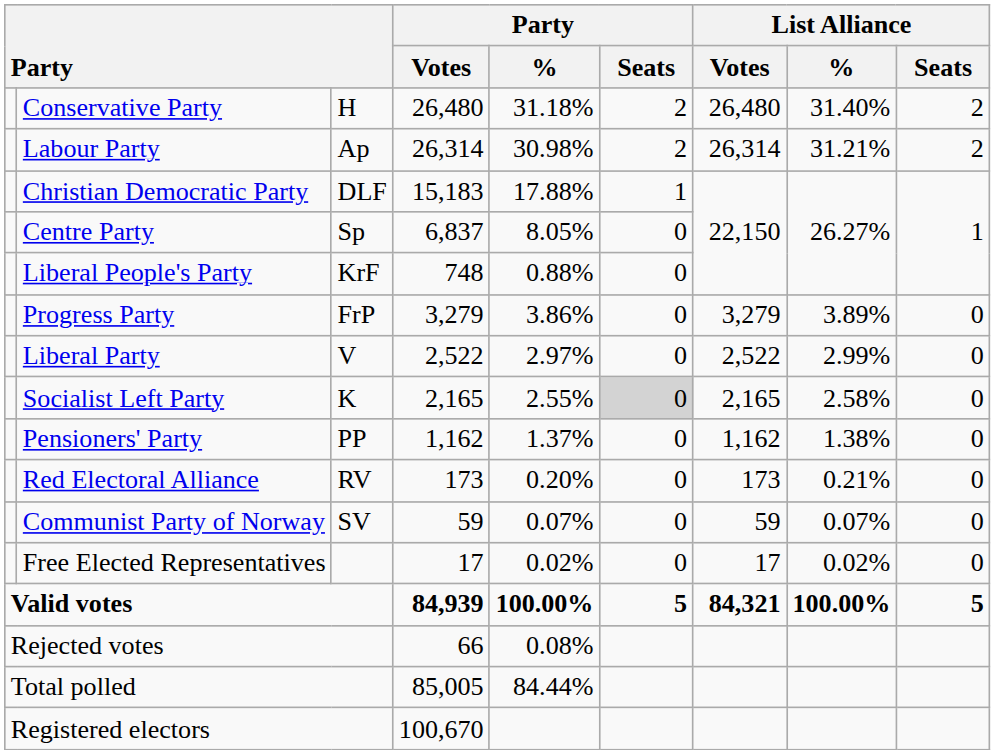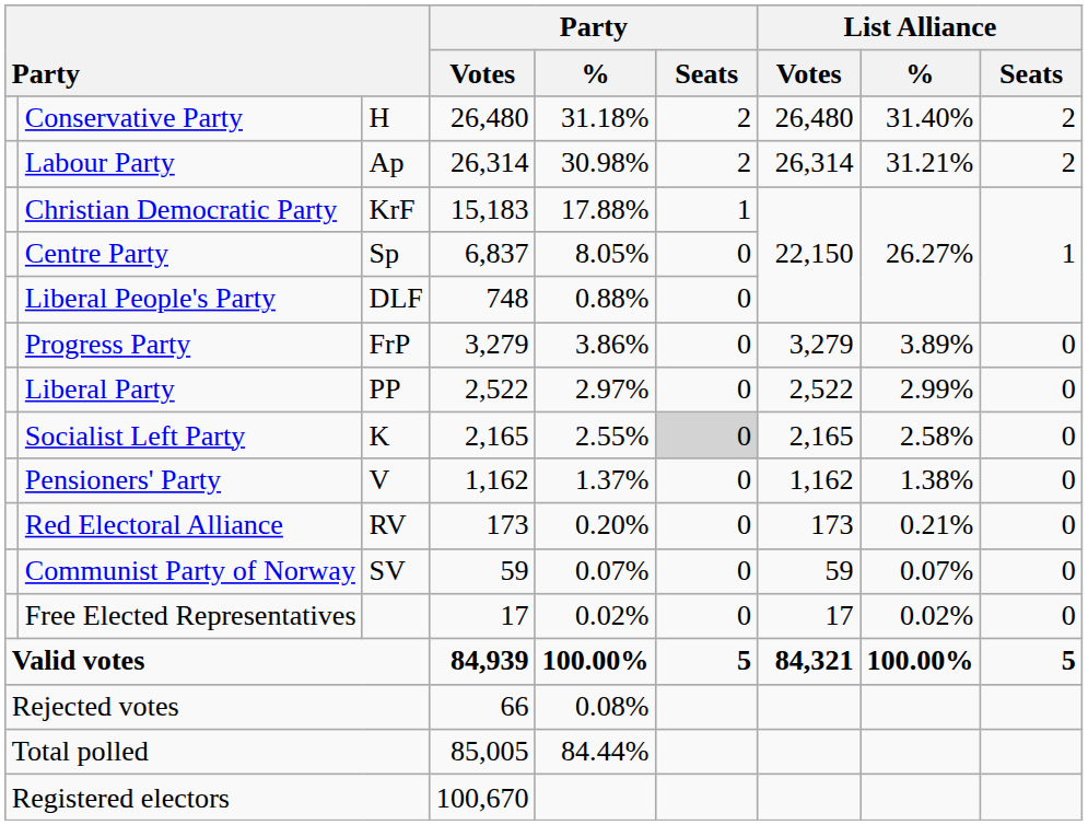 <table class="wikitable" border="1" style="text-align:right;">
 <tr>
 <th style="text-align:left;" valign=bottom rowspan=2 colspan=3>Party</th>
 <th colspan=3>Party</th>
 <th colspan=3>List Alliance</th>
 </tr>
 <tr>
 <th align=center valign=bottom width="50">Votes</th>
 <th align=center valign=bottom width="50">%</th>
 <th align=center valign=bottom width="50">Seats</th>
 <th align=center valign=bottom width="50">Votes</th>
 <th align=center valign=bottom width="50">%</th>
 <th align=center valign=bottom width="50">Seats</th>
 </tr>
 <tr>
 <td style="color:inherit;background:"></td>
 <td align=left><a href='#'>Conservative Party</a></td>
 <td align=left>H</td>
 <td>26,480</td>
 <td>31.18%</td>
 <td>2</td>
 <td>26,480</td>
 <td>31.40%</td>
 <td>2</td>
 </tr>
 <tr>
 <td style="color:inherit;background:"></td>
 <td align=left><a href='#'>Labour Party</a></td>
 <td align=left>Ap</td>
 <td>26,314</td>
 <td>30.98%</td>
 <td>2</td>
 <td>26,314</td>
 <td>31.21%</td>
 <td>2</td>
 </tr>
 <tr>
 <td style="color:inherit;background:"></td>
 <td align=left><a href='#'>Christian Democratic Party</a></td>
-<td align=left>DLF</td>
+<td align=left>KrF</td>
 <td>15,183</td>
 <td>17.88%</td>
 <td>1</td>
 <td rowspan=3>22,150</td>
 <td rowspan=3>26.27%</td>
 <td rowspan=3>1</td>
 </tr>
 <tr>
 <td style="color:inherit;background:"></td>
 <td align=left><a href='#'>Centre Party</a></td>
 <td align=left>Sp</td>
 <td>6,837</td>
 <td>8.05%</td>
 <td>0</td>
 </tr>
 <tr>
 <td style="color:inherit;background:"></td>
 <td align=left><a href='#'>Liberal People's Party</a></td>
-<td align=left>KrF</td>
+<td align=left>DLF</td>
 <td>748</td>
 <td>0.88%</td>
 <td>0</td>
 </tr>
 <tr>
 <td style="color:inherit;background:"></td>
 <td align=left><a href='#'>Progress Party</a></td>
 <td align=left>FrP</td>
 <td>3,279</td>
 <td>3.86%</td>
 <td>0</td>
 <td>3,279</td>
 <td>3.89%</td>
 <td>0</td>
 </tr>
 <tr>
 <td style="color:inherit;background:"></td>
 <td align=left><a href='#'>Liberal Party</a></td>
-<td align=left>V</td>
+<td align=left>PP</td>
 <td>2,522</td>
 <td>2.97%</td>
 <td>0</td>
 <td>2,522</td>
 <td>2.99%</td>
 <td>0</td>
 </tr>
 <tr>
 <td style="color:inherit;background:"></td>
 <td align=left><a href='#'>Socialist Left Party</a></td>
 <td align=left>K</td>
 <td>2,165</td>
 <td>2.55%</td>
 <td style="background: lightgrey;">0</td>
 <td>2,165</td>
 <td>2.58%</td>
 <td>0</td>
 </tr>
 <tr>
 <td style="color:inherit;background:"></td>
 <td align=left><a href='#'>Pensioners' Party</a></td>
-<td align=left>PP</td>
+<td align=left>V</td>
 <td>1,162</td>
 <td>1.37%</td>
 <td>0</td>
 <td>1,162</td>
 <td>1.38%</td>
 <td>0</td>
 </tr>
 <tr>
 <td style="color:inherit;background:"></td>
 <td align=left><a href='#'>Red Electoral Alliance</a></td>
 <td align=left>RV</td>
 <td>173</td>
 <td>0.20%</td>
 <td>0</td>
 <td>173</td>
 <td>0.21%</td>
 <td>0</td>
 </tr>
 <tr>
 <td style="color:inherit;background:"></td>
 <td align=left><a href='#'>Communist Party of Norway</a></td>
 <td align=left>SV</td>
 <td>59</td>
 <td>0.07%</td>
 <td>0</td>
 <td>59</td>
 <td>0.07%</td>
 <td>0</td>
 </tr>
 <tr>
 <td></td>
 <td align=left>Free Elected Representatives</td>
 <td align=left></td>
 <td>17</td>
 <td>0.02%</td>
 <td>0</td>
 <td>17</td>
 <td>0.02%</td>
 <td>0</td>
 </tr>
 <tr style="font-weight:bold">
 <td align=left colspan=3>Valid votes</td>
 <td>84,939</td>
 <td>100.00%</td>
 <td>5</td>
 <td>84,321</td>
 <td>100.00%</td>
 <td>5</td>
 </tr>
 <tr>
 <td align=left colspan=3>Rejected votes</td>
 <td>66</td>
 <td>0.08%</td>
 <td></td>
 <td></td>
 <td></td>
 <td></td>
 </tr>
 <tr>
 <td align=left colspan=3>Total polled</td>
 <td>85,005</td>
 <td>84.44%</td>
 <td></td>
 <td></td>
 <td></td>
 <td></td>
 </tr>
 <tr>
 <td align=left colspan=3>Registered electors</td>
 <td>100,670</td>
 <td></td>
 <td></td>
 <td></td>
 <td></td>
 </tr>
 </table>
